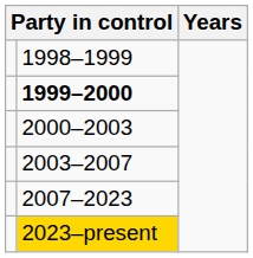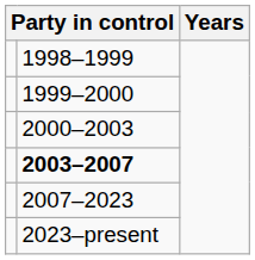 <table class="wikitable">
 <tr>
 <th colspan="2">Party in control</th>
 <th>Years</th>
 </tr>
 <tr>
 <td></td>
 <td>1998–1999</td>
 </tr>
 <tr>
 <td></td>
-<td><strong>1999–2000</strong></td>
+<td>1999–2000</td>
 </tr>
 <tr>
 <td></td>
 <td>2000–2003</td>
 </tr>
 <tr>
 <td></td>
-<td>2003–2007</td>
+<td><strong>2003–2007</strong></td>
 </tr>
 <tr>
 <td></td>
 <td>2007–2023</td>
 </tr>
 <tr>
 <td></td>
-<td style="background: gold;">2023–present</td>
+<td>2023–present</td>
 </tr>
 </table>
